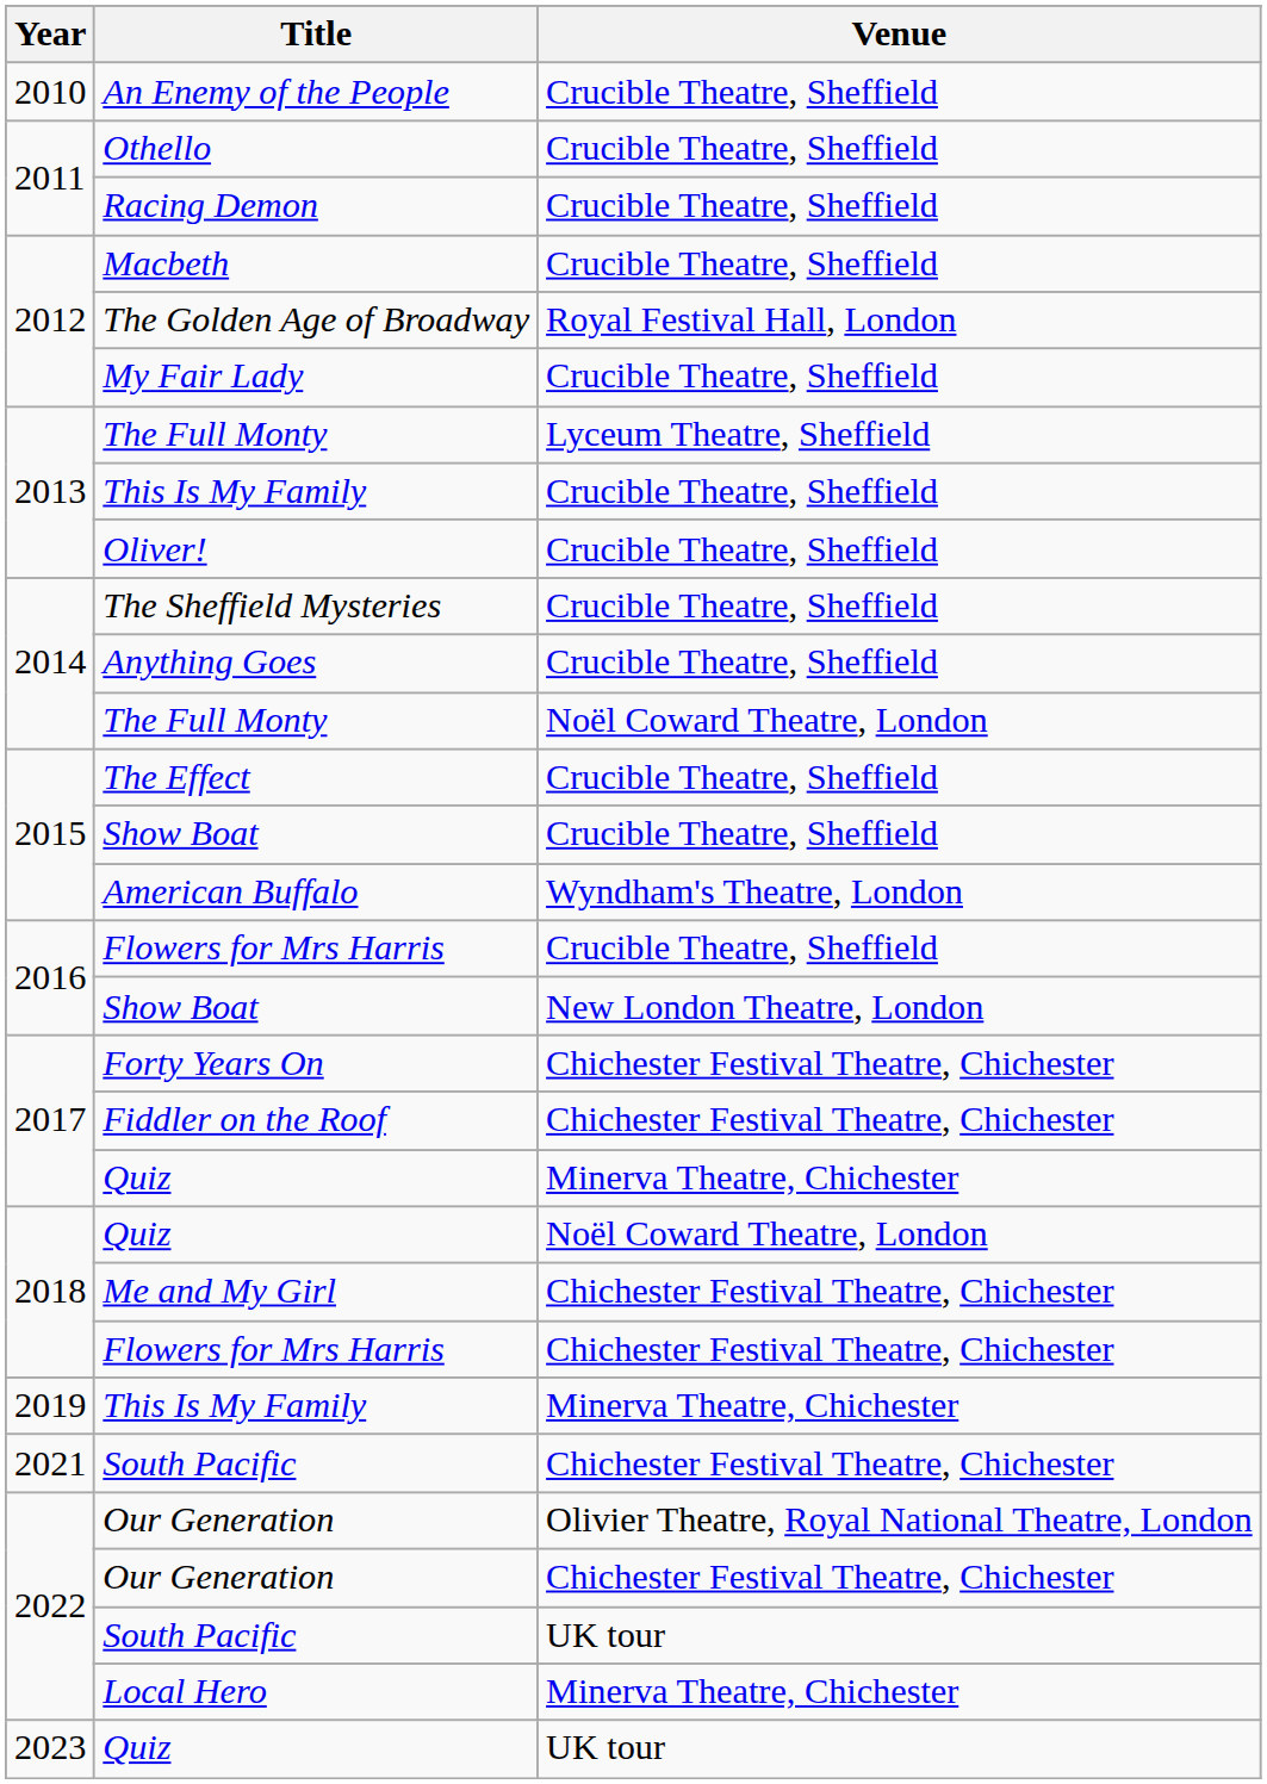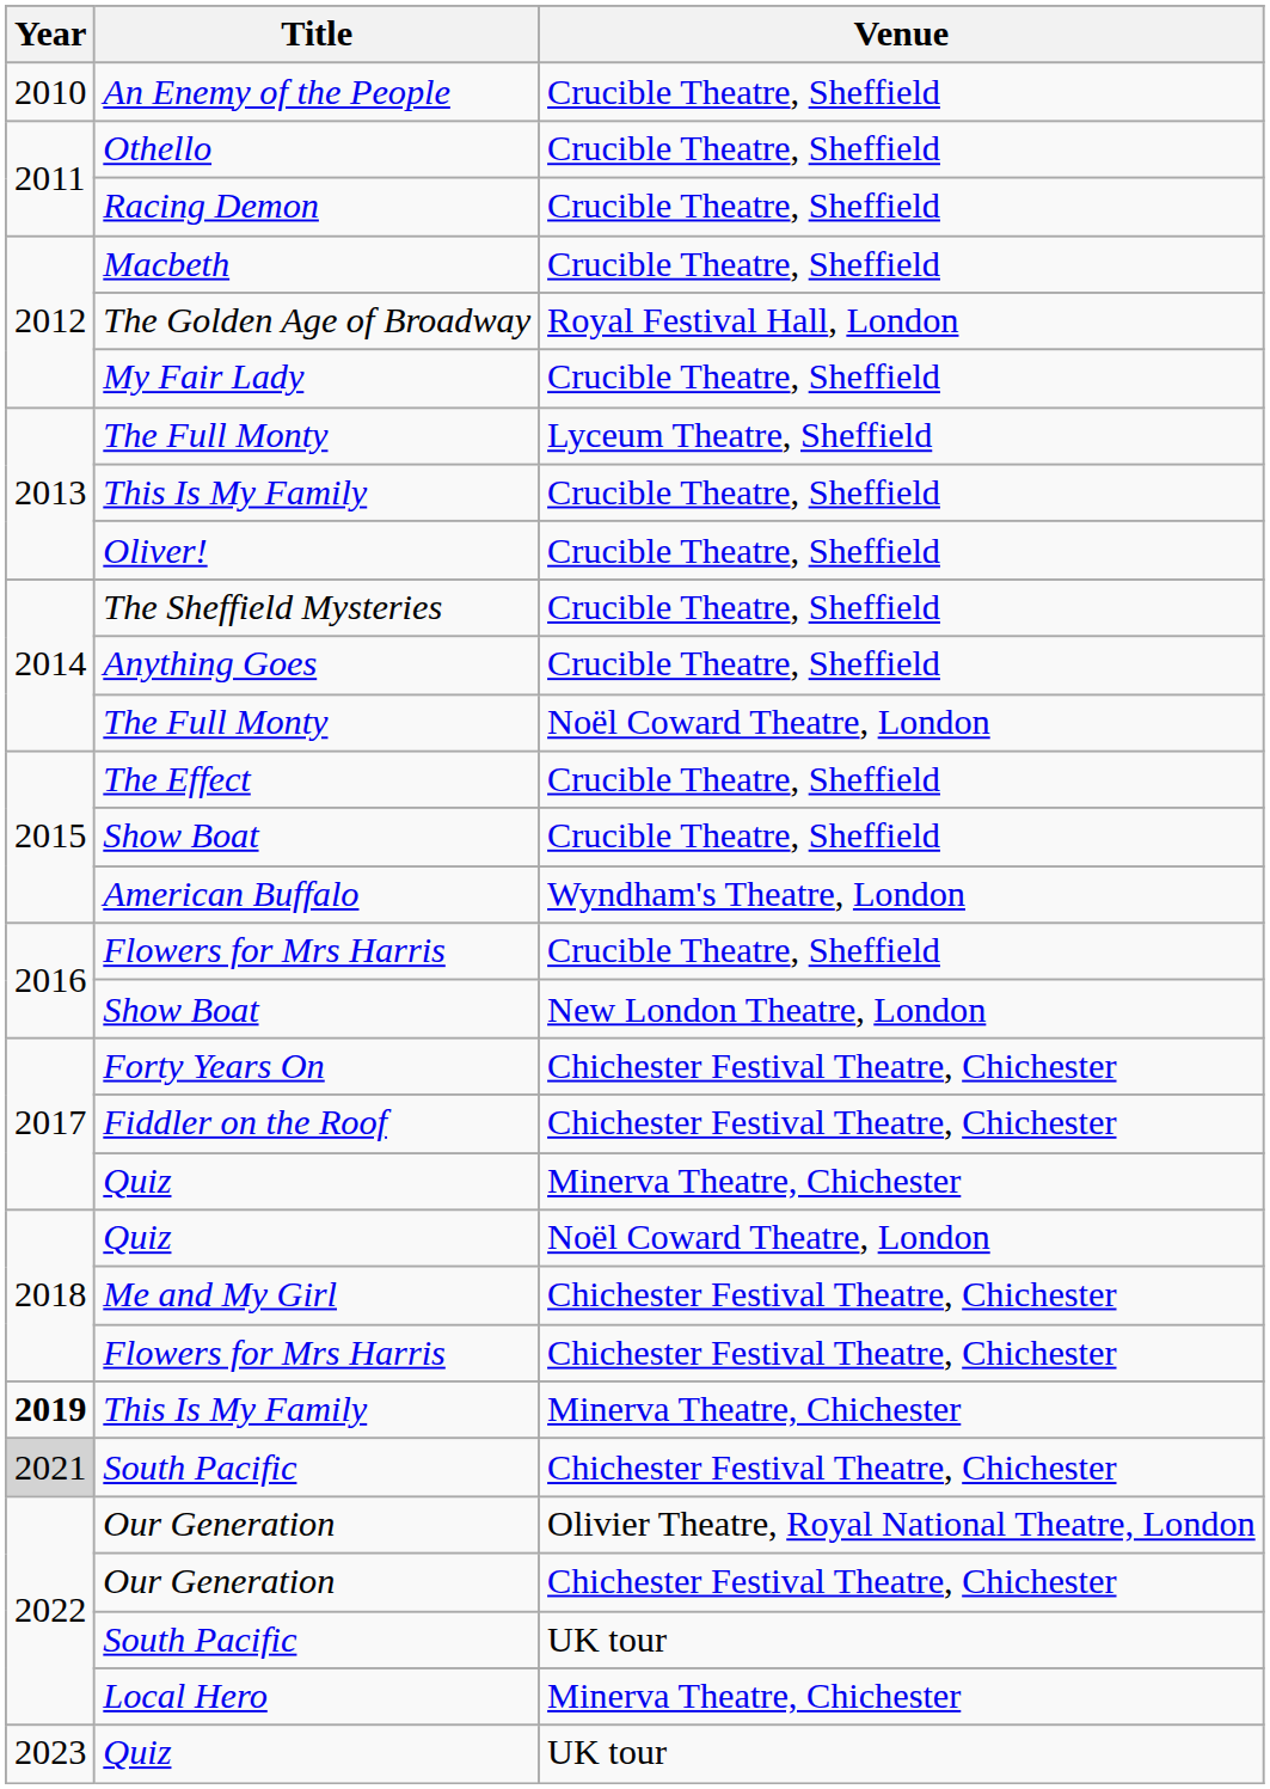 <table class="wikitable">
 <tr>
 <th>Year</th>
 <th>Title</th>
 <th>Venue</th>
 </tr>
 <tr>
 <td>2010</td>
 <td><em><a href='#'>An Enemy of the People</a></em></td>
 <td><a href='#'>Crucible Theatre</a>, <a href='#'>Sheffield</a></td>
 </tr>
 <tr>
 <td rowspan="2">2011</td>
 <td><em><a href='#'>Othello</a></em></td>
 <td><a href='#'>Crucible Theatre</a>, <a href='#'>Sheffield</a></td>
 </tr>
 <tr>
 <td><em><a href='#'>Racing Demon</a></em></td>
 <td><a href='#'>Crucible Theatre</a>, <a href='#'>Sheffield</a></td>
 </tr>
 <tr>
 <td rowspan="3">2012</td>
 <td><em><a href='#'>Macbeth</a></em></td>
 <td><a href='#'>Crucible Theatre</a>, <a href='#'>Sheffield</a></td>
 </tr>
 <tr>
 <td><em>The Golden Age of Broadway</em></td>
 <td><a href='#'>Royal Festival Hall</a>, <a href='#'>London</a></td>
 </tr>
 <tr>
 <td><em><a href='#'>My Fair Lady</a></em></td>
 <td><a href='#'>Crucible Theatre</a>, <a href='#'>Sheffield</a></td>
 </tr>
 <tr>
 <td rowspan="3">2013</td>
 <td><em><a href='#'>The Full Monty</a></em></td>
 <td><a href='#'>Lyceum Theatre</a>, <a href='#'>Sheffield</a></td>
 </tr>
 <tr>
 <td><em><a href='#'>This Is My Family</a></em></td>
 <td><a href='#'>Crucible Theatre</a>, <a href='#'>Sheffield</a></td>
 </tr>
 <tr>
 <td><em><a href='#'>Oliver!</a></em></td>
 <td><a href='#'>Crucible Theatre</a>, <a href='#'>Sheffield</a></td>
 </tr>
 <tr>
 <td rowspan="3">2014</td>
 <td><em>The Sheffield Mysteries</em></td>
 <td><a href='#'>Crucible Theatre</a>, <a href='#'>Sheffield</a></td>
 </tr>
 <tr>
 <td><em><a href='#'>Anything Goes</a></em></td>
 <td><a href='#'>Crucible Theatre</a>, <a href='#'>Sheffield</a></td>
 </tr>
 <tr>
 <td><em><a href='#'>The Full Monty</a></em></td>
 <td><a href='#'>Noël Coward Theatre</a>, <a href='#'>London</a></td>
 </tr>
 <tr>
 <td rowspan="3">2015</td>
 <td><em><a href='#'>The Effect</a></em></td>
 <td><a href='#'>Crucible Theatre</a>, <a href='#'>Sheffield</a></td>
 </tr>
 <tr>
 <td><em><a href='#'>Show Boat</a></em></td>
 <td><a href='#'>Crucible Theatre</a>, <a href='#'>Sheffield</a></td>
 </tr>
 <tr>
 <td><em><a href='#'>American Buffalo</a></em></td>
 <td><a href='#'>Wyndham's Theatre</a>, <a href='#'>London</a></td>
 </tr>
 <tr>
 <td rowspan="2">2016</td>
 <td><em><a href='#'>Flowers for Mrs Harris</a></em></td>
 <td><a href='#'>Crucible Theatre</a>, <a href='#'>Sheffield</a></td>
 </tr>
 <tr>
 <td><em><a href='#'>Show Boat</a></em></td>
 <td><a href='#'>New London Theatre</a>, <a href='#'>London</a></td>
 </tr>
 <tr>
 <td rowspan="3">2017</td>
 <td><em><a href='#'>Forty Years On</a></em></td>
 <td><a href='#'>Chichester Festival Theatre</a>, <a href='#'>Chichester</a></td>
 </tr>
 <tr>
 <td><em><a href='#'>Fiddler on the Roof</a></em></td>
 <td><a href='#'>Chichester Festival Theatre</a>, <a href='#'>Chichester</a></td>
 </tr>
 <tr>
 <td><em><a href='#'>Quiz</a></em></td>
 <td><a href='#'>Minerva Theatre, Chichester</a></td>
 </tr>
 <tr>
 <td rowspan="3">2018</td>
 <td><em><a href='#'>Quiz</a></em></td>
 <td><a href='#'>Noël Coward Theatre</a>, <a href='#'>London</a></td>
 </tr>
 <tr>
 <td><em><a href='#'>Me and My Girl</a></em></td>
 <td><a href='#'>Chichester Festival Theatre</a>, <a href='#'>Chichester</a></td>
 </tr>
 <tr>
 <td><em><a href='#'>Flowers for Mrs Harris</a></em></td>
 <td><a href='#'>Chichester Festival Theatre</a>, <a href='#'>Chichester</a></td>
 </tr>
 <tr>
-<td>2019</td>
+<td><strong>2019</strong></td>
 <td><em><a href='#'>This Is My Family</a></em></td>
 <td><a href='#'>Minerva Theatre, Chichester</a></td>
 </tr>
 <tr>
-<td>2021</td>
+<td style="background: lightgrey;">2021</td>
 <td><a href='#'><em>South Pacific</em></a></td>
 <td><a href='#'>Chichester Festival Theatre</a>, <a href='#'>Chichester</a></td>
 </tr>
 <tr>
 <td rowspan="4">2022</td>
 <td><em>Our Generation</em></td>
 <td>Olivier Theatre, <a href='#'>Royal National Theatre, London</a></td>
 </tr>
 <tr>
 <td><em>Our Generation</em></td>
 <td><a href='#'>Chichester Festival Theatre</a>, <a href='#'>Chichester</a></td>
 </tr>
 <tr>
 <td><a href='#'><em>South Pacific</em></a></td>
 <td>UK tour</td>
 </tr>
 <tr>
 <td><a href='#'><em>Local Hero</em></a></td>
 <td><a href='#'>Minerva Theatre, Chichester</a></td>
 </tr>
 <tr>
 <td>2023</td>
 <td><em><a href='#'>Quiz</a></em></td>
 <td>UK tour</td>
 </tr>
 </table>
